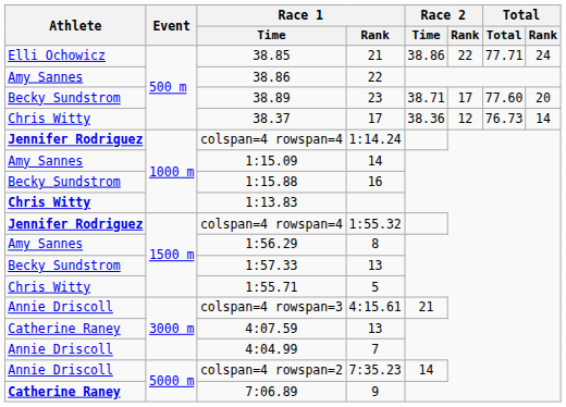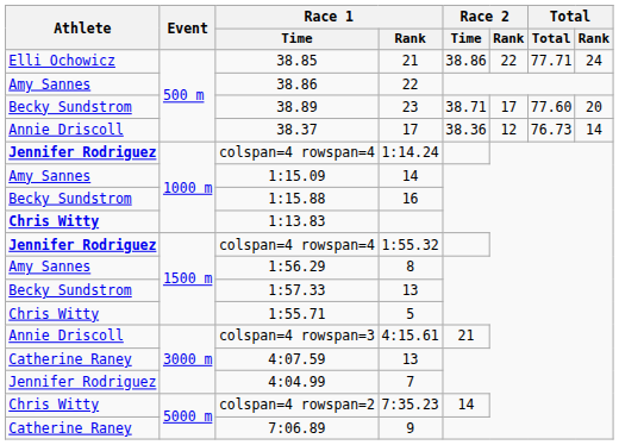 <table class=wikitable style=font-size:90%;text-align:center>
 <tr>
 <th rowspan=2>Athlete</th>
 <th rowspan=2>Event</th>
 <th colspan=2>Race 1</th>
 <th colspan=2>Race 2</th>
 <th colspan=2>Total</th>
 </tr>
 <tr style=font-size:95%>
 <th>Time</th>
 <th>Rank</th>
 <th>Time</th>
 <th>Rank</th>
 <th>Total</th>
 <th>Rank</th>
 </tr>
 <tr>
 <td align=left><a href='#'>Elli Ochowicz</a></td>
 <td align=left rowspan=4><a href='#'>500 m</a></td>
 <td>38.85</td>
 <td>21</td>
 <td>38.86</td>
 <td>22</td>
 <td>77.71</td>
 <td>24</td>
 </tr>
 <tr>
 <td align=left><a href='#'>Amy Sannes</a></td>
 <td>38.86</td>
 <td>22</td>
 <td colspan=4></td>
 </tr>
 <tr>
 <td align=left><a href='#'>Becky Sundstrom</a></td>
 <td>38.89</td>
 <td>23</td>
 <td>38.71</td>
 <td>17</td>
 <td>77.60</td>
 <td>20</td>
 </tr>
 <tr>
-<td align=left><a href='#'>Chris Witty</a></td>
+<td align=left><a href='#'>Annie Driscoll</a></td>
 <td>38.37</td>
 <td>17</td>
 <td>38.36</td>
 <td>12</td>
 <td>76.73</td>
 <td>14</td>
 </tr>
 <tr>
 <td align=left><strong><a href='#'>Jennifer Rodriguez</a></strong></td>
 <td align=left rowspan=4><a href='#'>1000 m</a></td>
 <td>colspan=4 rowspan=4 </td>
 <td>1:14.24</td>
 <td></td>
 </tr>
 <tr>
 <td align=left><a href='#'>Amy Sannes</a></td>
 <td>1:15.09</td>
 <td>14</td>
 </tr>
 <tr>
 <td align=left><a href='#'>Becky Sundstrom</a></td>
 <td>1:15.88</td>
 <td>16</td>
 </tr>
 <tr>
 <td align=left><strong><a href='#'>Chris Witty</a></strong></td>
 <td>1:13.83 </td>
 <td></td>
 </tr>
 <tr>
 <td align=left><strong><a href='#'>Jennifer Rodriguez</a></strong></td>
 <td align=left rowspan=4><a href='#'>1500 m</a></td>
 <td>colspan=4 rowspan=4 </td>
 <td>1:55.32</td>
 <td></td>
 </tr>
 <tr>
 <td align=left><a href='#'>Amy Sannes</a></td>
 <td>1:56.29</td>
 <td>8</td>
 </tr>
 <tr>
 <td align=left><a href='#'>Becky Sundstrom</a></td>
 <td>1:57.33</td>
 <td>13</td>
 </tr>
 <tr>
 <td align=left><a href='#'>Chris Witty</a></td>
 <td>1:55.71</td>
 <td>5</td>
 </tr>
 <tr>
 <td align=left><a href='#'>Annie Driscoll</a></td>
 <td align=left rowspan=3><a href='#'>3000 m</a></td>
 <td>colspan=4 rowspan=3 </td>
 <td>4:15.61</td>
 <td>21</td>
 </tr>
 <tr>
 <td align=left><a href='#'>Catherine Raney</a></td>
 <td>4:07.59</td>
 <td>13</td>
 </tr>
 <tr>
-<td align=left><a href='#'>Annie Driscoll</a></td>
+<td align=left><a href='#'>Jennifer Rodriguez</a></td>
 <td>4:04.99</td>
 <td>7</td>
 </tr>
 <tr>
-<td align=left><a href='#'>Annie Driscoll</a></td>
+<td align=left><a href='#'>Chris Witty</a></td>
 <td align=left rowspan=2><a href='#'>5000 m</a></td>
 <td>colspan=4 rowspan=2 </td>
 <td>7:35.23</td>
 <td>14</td>
 </tr>
 <tr>
-<td align=left><strong><a href='#'>Catherine Raney</a></strong></td>
+<td align=left><a href='#'>Catherine Raney</a></td>
 <td>7:06.89</td>
 <td>9</td>
 </tr>
 </table>
